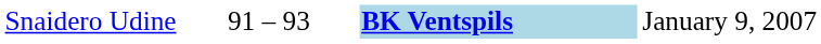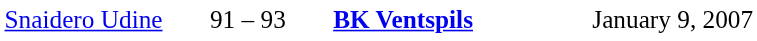 <table style="text-align:center">
 <tr>
 <th width=160></th>
 <th width=100></th>
 <th width=160></th>
 <th width=200></th>
 </tr>
 <tr>
 <td align=right><a href='#'>Snaidero Udine</a> </td>
 <td>91 – 93</td>
-<td align=left style="background: lightblue;"> <strong><a href='#'>BK Ventspils</a></strong></td>
+<td align=left> <strong><a href='#'>BK Ventspils</a></strong></td>
 <td align=left>January 9, 2007</td>
 </tr>
 </table>
